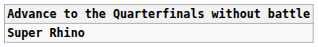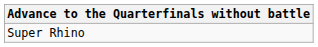 <table class="wikitable">
 <tr>
 <th>Advance to the Quarterfinals without battle</th>
 </tr>
 <tr>
-<td><strong>Super Rhino</strong></td>
+<td>Super Rhino</td>
 </tr>
 </table>
